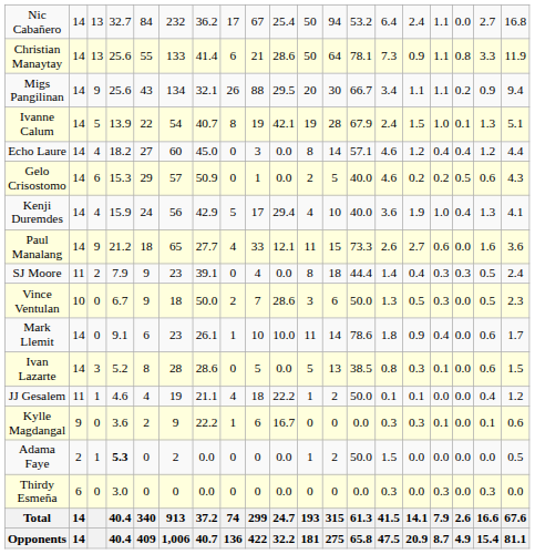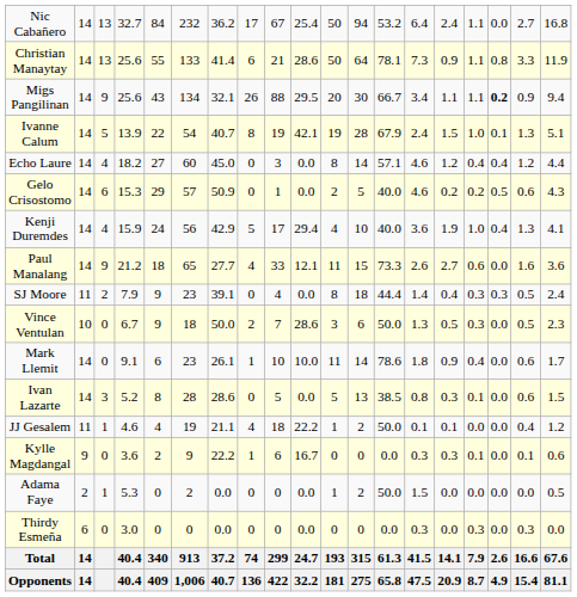 <table class=wikitable width=100%>
 <tr align=center>
 <td>Nic Cabañero</td>
 <td>14</td>
 <td>13</td>
 <td style=>32.7</td>
 <td style=>84</td>
 <td style=>232</td>
 <td>36.2</td>
 <td>17</td>
 <td>67</td>
 <td>25.4</td>
 <td style=>50</td>
 <td style=>94</td>
 <td>53.2</td>
 <td>6.4</td>
 <td>2.4</td>
 <td style=>1.1</td>
 <td>0.0</td>
 <td>2.7</td>
 <td style=>16.8</td>
 </tr>
 <tr bgcolor=#ffffdd align=center>
 <td>Christian Manaytay</td>
 <td>14</td>
 <td>13</td>
 <td>25.6</td>
 <td>55</td>
 <td>133</td>
 <td>41.4</td>
 <td>6</td>
 <td>21</td>
 <td>28.6</td>
 <td style=>50</td>
 <td>64</td>
 <td>78.1</td>
 <td style=>7.3</td>
 <td>0.9</td>
 <td style=>1.1</td>
 <td style=>0.8</td>
 <td>3.3</td>
 <td>11.9</td>
 </tr>
 <tr align=center>
 <td>Migs Pangilinan</td>
 <td>14</td>
 <td>9</td>
 <td>25.6</td>
 <td>43</td>
 <td>134</td>
 <td>32.1</td>
 <td style=>26</td>
 <td style=>88</td>
 <td>29.5</td>
 <td>20</td>
 <td>30</td>
 <td>66.7</td>
 <td>3.4</td>
 <td>1.1</td>
 <td style=>1.1</td>
-<td>0.2</td>
+<td><strong>0.2</strong></td>
 <td>0.9</td>
 <td>9.4</td>
 </tr>
 <tr bgcolor=#ffffdd align=center>
 <td>Ivanne Calum</td>
 <td>14</td>
 <td>5</td>
 <td>13.9</td>
 <td>22</td>
 <td>54</td>
 <td>40.7</td>
 <td>8</td>
 <td>19</td>
 <td style=>42.1</td>
 <td>19</td>
 <td>28</td>
 <td>67.9</td>
 <td>2.4</td>
 <td>1.5</td>
 <td>1.0</td>
 <td>0.1</td>
 <td>1.3</td>
 <td>5.1</td>
 </tr>
 <tr align=center>
 <td>Echo Laure</td>
 <td>14</td>
 <td>4</td>
 <td>18.2</td>
 <td>27</td>
 <td>60</td>
 <td>45.0</td>
 <td>0</td>
 <td>3</td>
 <td>0.0</td>
 <td>8</td>
 <td>14</td>
 <td>57.1</td>
 <td>4.6</td>
 <td>1.2</td>
 <td>0.4</td>
 <td>0.4</td>
 <td>1.2</td>
 <td>4.4</td>
 </tr>
 <tr bgcolor=#ffffdd align=center>
 <td>Gelo Crisostomo</td>
 <td>14</td>
 <td>6</td>
 <td>15.3</td>
 <td>29</td>
 <td>57</td>
 <td style=>50.9</td>
 <td>0</td>
 <td>1</td>
 <td>0.0</td>
 <td>2</td>
 <td>5</td>
 <td>40.0</td>
 <td>4.6</td>
 <td>0.2</td>
 <td>0.2</td>
 <td>0.5</td>
 <td>0.6</td>
 <td>4.3</td>
 </tr>
 <tr align=center>
 <td>Kenji Duremdes</td>
 <td>14</td>
 <td>4</td>
 <td>15.9</td>
 <td>24</td>
 <td>56</td>
 <td>42.9</td>
 <td>5</td>
 <td>17</td>
 <td>29.4</td>
 <td>4</td>
 <td>10</td>
 <td>40.0</td>
 <td>3.6</td>
 <td>1.9</td>
 <td>1.0</td>
 <td>0.4</td>
 <td>1.3</td>
 <td>4.1</td>
 </tr>
 <tr bgcolor=#ffffdd align=center>
 <td>Paul Manalang</td>
 <td>14</td>
 <td>9</td>
 <td>21.2</td>
 <td>18</td>
 <td>65</td>
 <td>27.7</td>
 <td>4</td>
 <td>33</td>
 <td>12.1</td>
 <td>11</td>
 <td>15</td>
 <td>73.3</td>
 <td>2.6</td>
 <td style=>2.7</td>
 <td>0.6</td>
 <td>0.0</td>
 <td>1.6</td>
 <td>3.6</td>
 </tr>
 <tr align=center>
 <td>SJ Moore</td>
 <td>11</td>
 <td>2</td>
 <td>7.9</td>
 <td>9</td>
 <td>23</td>
 <td>39.1</td>
 <td>0</td>
 <td>4</td>
 <td>0.0</td>
 <td>8</td>
 <td>18</td>
 <td>44.4</td>
 <td>1.4</td>
 <td>0.4</td>
 <td>0.3</td>
 <td>0.3</td>
 <td>0.5</td>
 <td>2.4</td>
 </tr>
 <tr bgcolor=#ffffdd align=center>
 <td>Vince Ventulan</td>
 <td>10</td>
 <td>0</td>
 <td>6.7</td>
 <td>9</td>
 <td>18</td>
 <td>50.0</td>
 <td>2</td>
 <td>7</td>
 <td>28.6</td>
 <td>3</td>
 <td>6</td>
 <td>50.0</td>
 <td>1.3</td>
 <td>0.5</td>
 <td>0.3</td>
 <td>0.0</td>
 <td>0.5</td>
 <td>2.3</td>
 </tr>
 <tr align=center>
 <td>Mark Llemit</td>
 <td>14</td>
 <td>0</td>
 <td>9.1</td>
 <td>6</td>
 <td>23</td>
 <td>26.1</td>
 <td>1</td>
 <td>10</td>
 <td>10.0</td>
 <td>11</td>
 <td>14</td>
 <td style=>78.6</td>
 <td>1.8</td>
 <td>0.9</td>
 <td>0.4</td>
 <td>0.0</td>
 <td>0.6</td>
 <td>1.7</td>
 </tr>
 <tr bgcolor=#ffffdd align=center>
 <td>Ivan Lazarte</td>
 <td>14</td>
 <td>3</td>
 <td>5.2</td>
 <td>8</td>
 <td>28</td>
 <td>28.6</td>
 <td>0</td>
 <td>5</td>
 <td>0.0</td>
 <td>5</td>
 <td>13</td>
 <td>38.5</td>
 <td>0.8</td>
 <td>0.3</td>
 <td>0.1</td>
 <td>0.0</td>
 <td>0.6</td>
 <td>1.5</td>
 </tr>
 <tr align=center>
 <td>JJ Gesalem</td>
 <td>11</td>
 <td>1</td>
 <td>4.6</td>
 <td>4</td>
 <td>19</td>
 <td>21.1</td>
 <td>4</td>
 <td>18</td>
 <td>22.2</td>
 <td>1</td>
 <td>2</td>
 <td>50.0</td>
 <td>0.1</td>
 <td>0.1</td>
 <td>0.0</td>
 <td>0.0</td>
 <td>0.4</td>
 <td>1.2</td>
 </tr>
 <tr bgcolor=#ffffdd align=center>
 <td>Kylle Magdangal</td>
 <td>9</td>
 <td>0</td>
 <td>3.6</td>
 <td>2</td>
 <td>9</td>
 <td>22.2</td>
 <td>1</td>
 <td>6</td>
 <td>16.7</td>
 <td>0</td>
 <td>0</td>
 <td>0.0</td>
 <td>0.3</td>
 <td>0.3</td>
 <td>0.1</td>
 <td>0.0</td>
 <td>0.1</td>
 <td>0.6</td>
 </tr>
 <tr align=center>
 <td>Adama Faye</td>
 <td>2</td>
 <td>1</td>
-<td><strong>5.3</strong></td>
+<td>5.3</td>
 <td>0</td>
 <td>2</td>
 <td>0.0</td>
 <td>0</td>
 <td>0</td>
 <td>0.0</td>
 <td>1</td>
 <td>2</td>
 <td>50.0</td>
 <td>1.5</td>
 <td>0.0</td>
 <td>0.0</td>
 <td>0.0</td>
 <td>0.0</td>
 <td>0.5</td>
 </tr>
 <tr bgcolor=#ffffdd align=center>
 <td>Thirdy Esmeña</td>
 <td>6</td>
 <td>0</td>
 <td>3.0</td>
 <td>0</td>
 <td>0</td>
 <td>0.0</td>
 <td>0</td>
 <td>0</td>
 <td>0.0</td>
 <td>0</td>
 <td>0</td>
 <td>0.0</td>
 <td>0.3</td>
 <td>0.0</td>
 <td>0.3</td>
 <td>0.0</td>
 <td>0.3</td>
 <td>0.0</td>
 </tr>
 <tr class=sortbottom>
 <th>Total</th>
 <th>14</th>
 <th></th>
 <th>40.4</th>
 <th>340</th>
 <th>913</th>
 <th>37.2</th>
 <th>74</th>
 <th>299</th>
 <th>24.7</th>
 <th>193</th>
 <th>315</th>
 <th>61.3</th>
 <th>41.5</th>
 <th>14.1</th>
 <th>7.9</th>
 <th>2.6</th>
 <th>16.6</th>
 <th>67.6</th>
 </tr>
 <tr class=sortbottom>
 <th>Opponents</th>
 <th>14</th>
 <th></th>
 <th>40.4</th>
 <th>409</th>
 <th>1,006</th>
 <th>40.7</th>
 <th>136</th>
 <th>422</th>
 <th>32.2</th>
 <th>181</th>
 <th>275</th>
 <th>65.8</th>
 <th>47.5</th>
 <th>20.9</th>
 <th>8.7</th>
 <th>4.9</th>
 <th>15.4</th>
 <th>81.1</th>
 </tr>
 </table>
